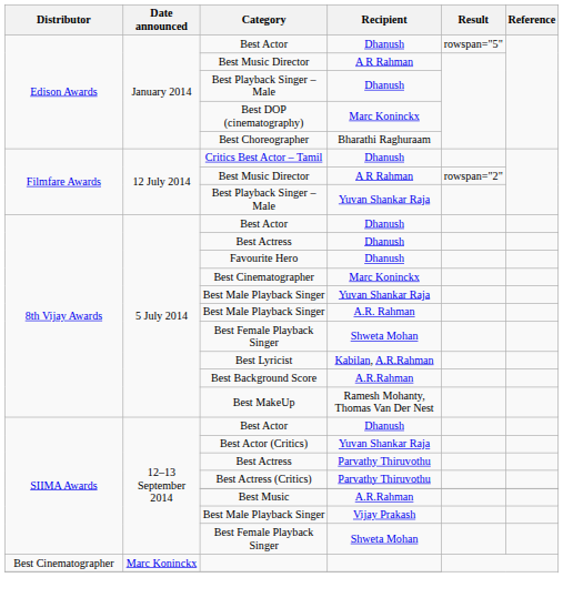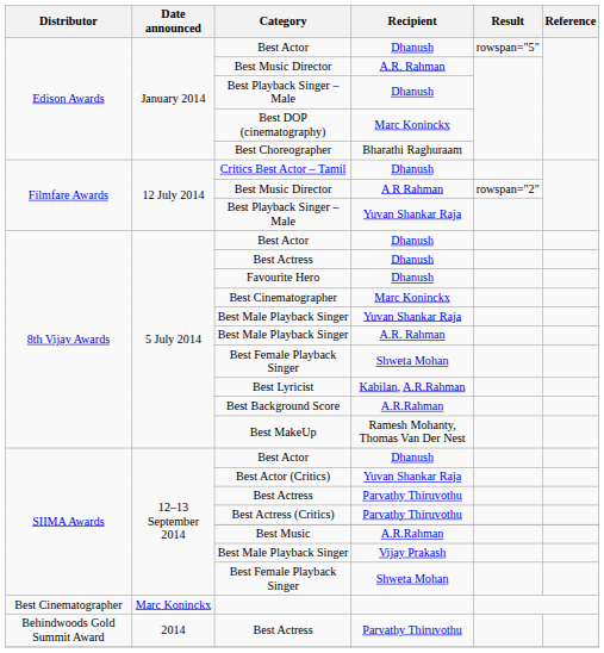 <table class="wikitable" style="text-align:center; width:50%;"  >
 <tr>
 <th style="width:23%;" scope="col">Distributor</th>
 <th style="width:15%;" scope="col">Date announced</th>
 <th style="width:25%;" scope="col">Category</th>
 <th style="width:23%;" scope="col">Recipient</th>
 <th style="width:8%;" scope="col">Result</th>
 <th style="width:2%;" scope="col">Reference</th>
 </tr>
 <tr>
 <td rowspan="5"><a href='#'>Edison Awards</a></td>
 <td rowspan="5">January 2014</td>
 <td>Best Actor</td>
 <td><a href='#'>Dhanush</a></td>
 <td>rowspan="5" </td>
 <td style="text-align:center;" rowspan="5"></td>
 </tr>
 <tr>
 <td>Best Music Director</td>
-<td><a href='#'>A R Rahman</a></td>
+<td><a href='#'>A.R. Rahman</a></td>
 </tr>
 <tr>
 <td>Best Playback Singer – Male</td>
 <td><a href='#'>Dhanush</a></td>
 </tr>
 <tr>
 <td>Best DOP (cinematography)</td>
 <td><a href='#'>Marc Koninckx</a></td>
 </tr>
 <tr>
 <td>Best Choreographer</td>
 <td>Bharathi Raghuraam</td>
 </tr>
 <tr>
 <td rowspan="3"><a href='#'>Filmfare Awards</a></td>
 <td rowspan="3">12 July 2014</td>
 <td><a href='#'>Critics Best Actor – Tamil</a></td>
 <td><a href='#'>Dhanush</a></td>
 <td></td>
 <td style="text-align:center;" rowspan="3"></td>
 </tr>
 <tr>
 <td>Best Music Director</td>
 <td><a href='#'>A R Rahman</a></td>
 <td>rowspan="2" </td>
 </tr>
 <tr>
 <td>Best Playback Singer – Male</td>
 <td><a href='#'>Yuvan Shankar Raja</a> <br></td>
 </tr>
 <tr>
 <td rowspan="10"><a href='#'>8th Vijay Awards</a></td>
 <td rowspan="10">5 July 2014</td>
 <td>Best Actor</td>
 <td><a href='#'>Dhanush</a></td>
 <td></td>
 <td></td>
 </tr>
 <tr>
 <td>Best Actress</td>
 <td><a href='#'>Dhanush</a></td>
 <td></td>
 <td></td>
 </tr>
 <tr>
 <td>Favourite Hero</td>
 <td><a href='#'>Dhanush</a></td>
 <td></td>
 <td></td>
 </tr>
 <tr>
 <td>Best Cinematographer</td>
 <td><a href='#'>Marc Koninckx</a></td>
 <td></td>
 <td></td>
 </tr>
 <tr>
 <td>Best Male Playback Singer</td>
 <td><a href='#'>Yuvan Shankar Raja</a></td>
 <td></td>
 <td></td>
 </tr>
 <tr>
 <td>Best Male Playback Singer</td>
 <td><a href='#'>A.R. Rahman</a></td>
 <td></td>
 <td></td>
 </tr>
 <tr>
 <td>Best Female Playback Singer</td>
 <td><a href='#'>Shweta Mohan</a></td>
 <td></td>
 <td></td>
 </tr>
 <tr>
 <td>Best Lyricist</td>
 <td><a href='#'>Kabilan</a>, <a href='#'>A.R.Rahman</a></td>
 <td></td>
 <td></td>
 </tr>
 <tr>
 <td>Best Background Score</td>
 <td><a href='#'>A.R.Rahman</a></td>
 <td></td>
 <td></td>
 </tr>
 <tr>
 <td>Best MakeUp</td>
 <td>Ramesh Mohanty, Thomas Van Der Nest</td>
 <td></td>
 <td></td>
 </tr>
 <tr>
 <td rowspan="8"><a href='#'>SIIMA Awards</a></td>
 <td rowspan="8">12–13 September 2014</td>
 <td>Best Actor</td>
 <td><a href='#'>Dhanush</a></td>
 <td></td>
 <td></td>
 </tr>
 <tr>
 <td>Best Actor (Critics)</td>
 <td><a href='#'>Yuvan Shankar Raja</a> <br></td>
 <td></td>
 <td></td>
 </tr>
 <tr>
 <td>Best Actress</td>
 <td><a href='#'>Parvathy Thiruvothu</a></td>
 <td></td>
 <td></td>
 </tr>
 <tr>
 <td>Best Actress (Critics)</td>
 <td><a href='#'>Parvathy Thiruvothu</a></td>
 <td></td>
 <td></td>
 </tr>
 <tr>
 </tr>
 <tr>
 <td>Best Music</td>
 <td><a href='#'>A.R.Rahman</a></td>
 <td></td>
 <td></td>
 </tr>
 <tr>
 <td>Best Male Playback Singer</td>
 <td><a href='#'>Vijay Prakash</a></td>
 <td></td>
 <td></td>
 </tr>
 <tr>
 <td>Best Female Playback Singer</td>
 <td><a href='#'>Shweta Mohan</a></td>
 <td></td>
 <td></td>
 </tr>
 <tr>
 <td>Best Cinematographer</td>
 <td><a href='#'>Marc Koninckx</a></td>
 <td></td>
 <td></td>
 </tr>
 <tr>
+<td rowspan="1">Behindwoods Gold Summit Award</td>
+<td rowspan="1">2014</td>
+<td>Best Actress</td>
+<td><a href='#'>Parvathy Thiruvothu</a></td>
+<td></td>
+<td></td>
+</tr>
+<tr>
 </tr>
 </table>
